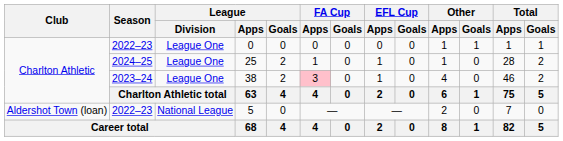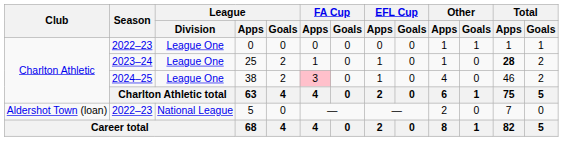 <table class="wikitable" style="text-align: center">
 <tr>
 <th rowspan="2">Club</th>
 <th rowspan="2">Season</th>
 <th colspan="3">League</th>
 <th colspan="2"><a href='#'>FA Cup</a></th>
 <th colspan="2"><a href='#'>EFL Cup</a></th>
 <th colspan="2">Other</th>
 <th colspan="2">Total</th>
 </tr>
 <tr>
 <th>Division</th>
 <th>Apps</th>
 <th>Goals</th>
 <th>Apps</th>
 <th>Goals</th>
 <th>Apps</th>
 <th>Goals</th>
 <th>Apps</th>
 <th>Goals</th>
 <th>Apps</th>
 <th>Goals</th>
 </tr>
 <tr>
 <td rowspan="4"><a href='#'>Charlton Athletic</a></td>
 <td><a href='#'>2022–23</a></td>
 <td><a href='#'>League One</a></td>
 <td>0</td>
 <td>0</td>
 <td>0</td>
 <td>0</td>
 <td>0</td>
 <td>0</td>
 <td>1</td>
 <td>1</td>
 <td>1</td>
 <td>1</td>
 </tr>
 <tr>
-<td><a href='#'>2024–25</a></td>
+<td><a href='#'>2023–24</a></td>
 <td><a href='#'>League One</a></td>
 <td>25</td>
 <td>2</td>
 <td>1</td>
 <td>0</td>
 <td>1</td>
 <td>0</td>
 <td>1</td>
 <td>0</td>
-<td>28</td>
+<td><strong>28</strong></td>
 <td>2</td>
 </tr>
 <tr>
-<td><a href='#'>2023–24</a></td>
+<td><a href='#'>2024–25</a></td>
 <td><a href='#'>League One</a></td>
 <td>38</td>
 <td>2</td>
 <td style="background: pink;">3</td>
 <td>0</td>
 <td>1</td>
 <td>0</td>
 <td>4</td>
 <td>0</td>
 <td>46</td>
 <td>2</td>
 </tr>
 <tr>
 <th colspan="2">Charlton Athletic total</th>
 <th>63</th>
 <th>4</th>
 <th>4</th>
 <th>0</th>
 <th>2</th>
 <th>0</th>
 <th>6</th>
 <th>1</th>
 <th>75</th>
 <th>5</th>
 </tr>
 <tr>
 <td><a href='#'>Aldershot Town</a> (loan)</td>
 <td><a href='#'>2022–23</a></td>
 <td><a href='#'>National League</a></td>
 <td>5</td>
 <td>0</td>
 <td colspan="2">—</td>
 <td colspan="2">—</td>
 <td>2</td>
 <td>0</td>
 <td>7</td>
 <td>0</td>
 </tr>
 <tr>
 <th colspan="3">Career total</th>
 <th>68</th>
 <th>4</th>
 <th>4</th>
 <th>0</th>
 <th>2</th>
 <th>0</th>
 <th>8</th>
 <th>1</th>
 <th>82</th>
 <th>5</th>
 </tr>
 </table>
